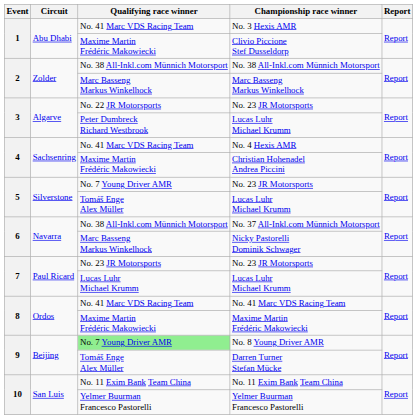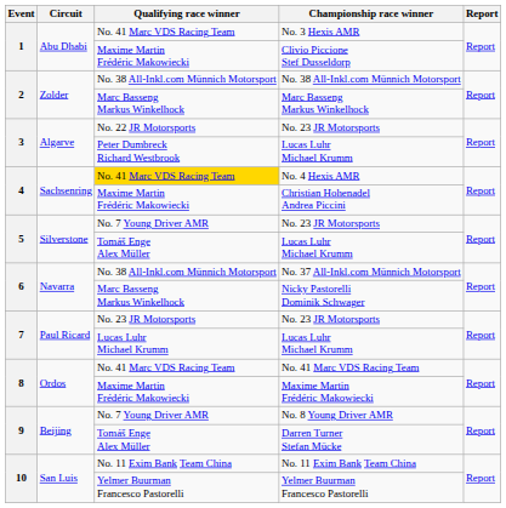 <table class="wikitable" style="font-size: 85%;">
 <tr>
 <th>Event</th>
 <th>Circuit</th>
 <th>Qualifying race winner</th>
 <th>Championship race winner</th>
 <th>Report</th>
 </tr>
 <tr>
 <th rowspan=2>1</th>
 <td rowspan=2><a href='#'>Abu Dhabi</a></td>
 <td> No. 41 <a href='#'>Marc VDS Racing Team</a></td>
 <td> No. 3 <a href='#'>Hexis AMR</a></td>
 <td rowspan=2><a href='#'>Report</a></td>
 </tr>
 <tr>
 <td> <a href='#'>Maxime Martin</a><br> <a href='#'>Frédéric Makowiecki</a></td>
 <td> <a href='#'>Clivio Piccione</a><br> <a href='#'>Stef Dusseldorp</a></td>
 </tr>
 <tr>
 <th rowspan=2>2</th>
 <td rowspan=2><a href='#'>Zolder</a></td>
 <td> No. 38 <a href='#'>All-Inkl.com Münnich Motorsport</a></td>
 <td> No. 38 <a href='#'>All-Inkl.com Münnich Motorsport</a></td>
 <td rowspan=2><a href='#'>Report</a></td>
 </tr>
 <tr>
 <td> <a href='#'>Marc Basseng</a><br> <a href='#'>Markus Winkelhock</a></td>
 <td> <a href='#'>Marc Basseng</a><br> <a href='#'>Markus Winkelhock</a></td>
 </tr>
 <tr>
 <th rowspan=2>3</th>
 <td rowspan=2><a href='#'>Algarve</a></td>
 <td> No. 22 <a href='#'>JR Motorsports</a></td>
 <td> No. 23 <a href='#'>JR Motorsports</a></td>
 <td rowspan=2><a href='#'>Report</a></td>
 </tr>
 <tr>
 <td> <a href='#'>Peter Dumbreck</a><br> <a href='#'>Richard Westbrook</a></td>
 <td> <a href='#'>Lucas Luhr</a><br> <a href='#'>Michael Krumm</a></td>
 </tr>
 <tr>
 <th rowspan=2>4</th>
 <td rowspan=2><a href='#'>Sachsenring</a></td>
-<td> No. 41 <a href='#'>Marc VDS Racing Team</a></td>
+<td style="background: gold;"> No. 41 <a href='#'>Marc VDS Racing Team</a></td>
 <td> No. 4 <a href='#'>Hexis AMR</a></td>
 <td rowspan=2><a href='#'>Report</a></td>
 </tr>
 <tr>
 <td> <a href='#'>Maxime Martin</a><br> <a href='#'>Frédéric Makowiecki</a></td>
 <td> <a href='#'>Christian Hohenadel</a><br> <a href='#'>Andrea Piccini</a></td>
 </tr>
 <tr>
 <th rowspan=2>5</th>
 <td rowspan=2><a href='#'>Silverstone</a></td>
 <td> No. 7 <a href='#'>Young Driver AMR</a></td>
 <td> No. 23 <a href='#'>JR Motorsports</a></td>
 <td rowspan=2><a href='#'>Report</a></td>
 </tr>
 <tr>
 <td> <a href='#'>Tomáš Enge</a><br> <a href='#'>Alex Müller</a></td>
 <td> <a href='#'>Lucas Luhr</a><br> <a href='#'>Michael Krumm</a></td>
 </tr>
 <tr>
 <th rowspan=2>6</th>
 <td rowspan=2><a href='#'>Navarra</a></td>
 <td> No. 38 <a href='#'>All-Inkl.com Münnich Motorsport</a></td>
 <td> No. 37 <a href='#'>All-Inkl.com Münnich Motorsport</a></td>
 <td rowspan=2><a href='#'>Report</a></td>
 </tr>
 <tr>
 <td> <a href='#'>Marc Basseng</a><br> <a href='#'>Markus Winkelhock</a></td>
 <td> <a href='#'>Nicky Pastorelli</a><br> <a href='#'>Dominik Schwager</a></td>
 </tr>
 <tr>
 <th rowspan=2>7</th>
 <td rowspan=2><a href='#'>Paul Ricard</a></td>
 <td> No. 23 <a href='#'>JR Motorsports</a></td>
 <td> No. 23 <a href='#'>JR Motorsports</a></td>
 <td rowspan=2><a href='#'>Report</a></td>
 </tr>
 <tr>
 <td> <a href='#'>Lucas Luhr</a><br> <a href='#'>Michael Krumm</a></td>
 <td> <a href='#'>Lucas Luhr</a><br> <a href='#'>Michael Krumm</a></td>
 </tr>
 <tr>
 <th rowspan=2>8</th>
 <td rowspan=2><a href='#'>Ordos</a></td>
 <td> No. 41 <a href='#'>Marc VDS Racing Team</a></td>
 <td> No. 41 <a href='#'>Marc VDS Racing Team</a></td>
 <td rowspan=2><a href='#'>Report</a></td>
 </tr>
 <tr>
 <td> <a href='#'>Maxime Martin</a><br> <a href='#'>Frédéric Makowiecki</a></td>
 <td> <a href='#'>Maxime Martin</a><br> <a href='#'>Frédéric Makowiecki</a></td>
 </tr>
 <tr>
 <th rowspan=2>9</th>
 <td rowspan=2><a href='#'>Beijing</a></td>
-<td style="background: lightgreen;"> No. 7 <a href='#'>Young Driver AMR</a></td>
+<td> No. 7 <a href='#'>Young Driver AMR</a></td>
 <td> No. 8 <a href='#'>Young Driver AMR</a></td>
 <td rowspan=2><a href='#'>Report</a></td>
 </tr>
 <tr>
 <td> <a href='#'>Tomáš Enge</a><br> <a href='#'>Alex Müller</a></td>
 <td> <a href='#'>Darren Turner</a><br> <a href='#'>Stefan Mücke</a></td>
 </tr>
 <tr>
 <th rowspan=2>10</th>
 <td rowspan=2><a href='#'>San Luis</a></td>
 <td> No. 11 <a href='#'>Exim Bank</a> <a href='#'>Team China</a></td>
 <td> No. 11 <a href='#'>Exim Bank</a> <a href='#'>Team China</a></td>
 <td rowspan=2><a href='#'>Report</a></td>
 </tr>
 <tr>
 <td> <a href='#'>Yelmer Buurman</a><br> Francesco Pastorelli</td>
 <td> <a href='#'>Yelmer Buurman</a><br> Francesco Pastorelli</td>
 </tr>
 </table>
